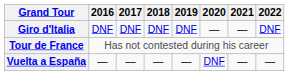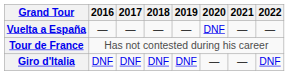 <table class="wikitable plainrowheaders">
 <tr>
 <th scope="col"><a href='#'>Grand Tour</a></th>
 <th scope="col">2016</th>
 <th scope="col">2017</th>
 <th scope="col">2018</th>
 <th scope="col">2019</th>
 <th scope="col">2020</th>
 <th scope="col">2021</th>
 <th scope="col">2022</th>
 </tr>
 <tr style="text-align:center;">
+<th scope="row"> <a href='#'>Vuelta a España</a></th>
+<td>—</td>
+<td>—</td>
+<td>—</td>
+<td>—</td>
+<td><a href='#'>DNF</a></td>
+<td>—</td>
+<td>—</td>
+</tr>
+<tr style="text-align:center;">
+<th scope="row"> <a href='#'>Tour de France</a></th>
+<td style="color:#4d4d4d;" colspan=7>Has not contested during his career</td>
+</tr>
+<tr style="text-align:center;">
 <th scope="row"> <a href='#'>Giro d'Italia</a></th>
 <td><a href='#'>DNF</a></td>
 <td><a href='#'>DNF</a></td>
 <td><a href='#'>DNF</a></td>
 <td><a href='#'>DNF</a></td>
 <td>—</td>
 <td>—</td>
 <td><a href='#'>DNF</a></td>
 </tr>
-<tr style="text-align:center;">
-<th scope="row"> <a href='#'>Tour de France</a></th>
-<td style="color:#4d4d4d;" colspan=7>Has not contested during his career</td>
-</tr>
-<tr style="text-align:center;">
-<th scope="row"> <a href='#'>Vuelta a España</a></th>
-<td>—</td>
-<td>—</td>
-<td>—</td>
-<td>—</td>
-<td><a href='#'>DNF</a></td>
-<td>—</td>
-<td>—</td>
-</tr>
 </table>
